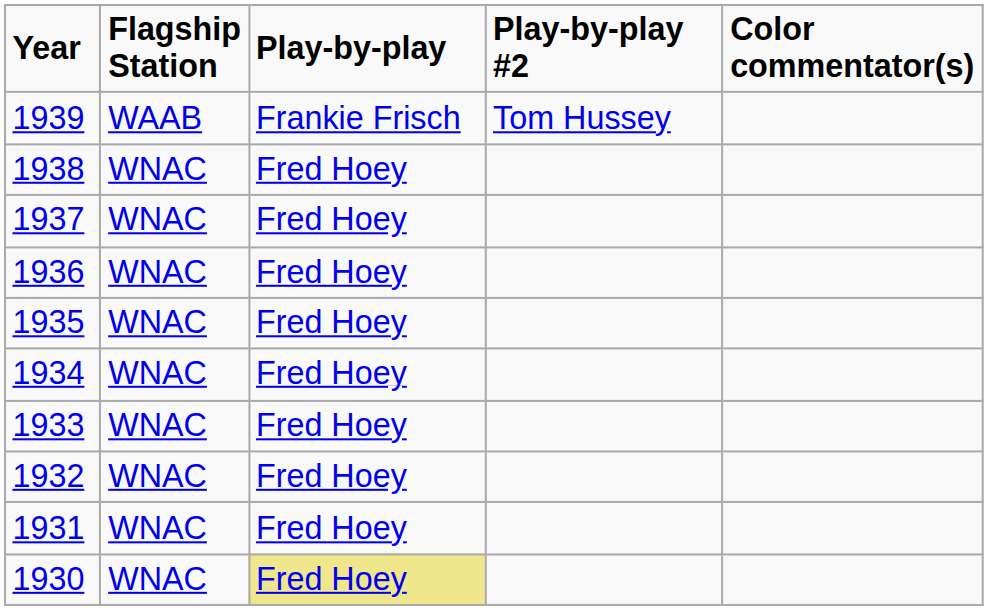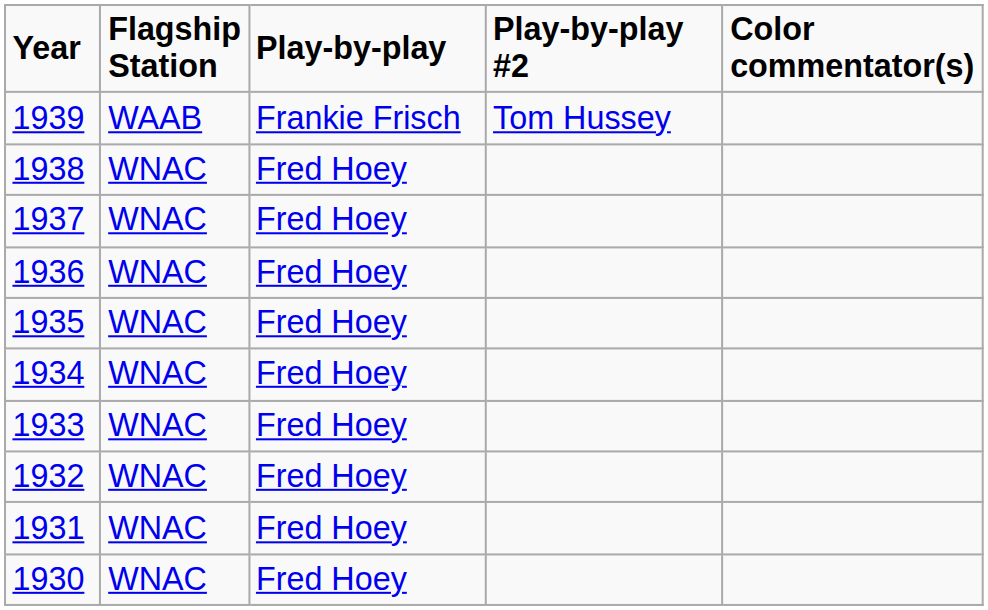 <table class="wikitable">
 <tr>
 <td width="40"><strong>Year</strong></td>
 <td width="40"><strong>Flagship Station</strong></td>
 <td width="110"><strong>Play-by-play</strong></td>
 <td width="110"><strong>Play-by-play #2</strong></td>
 <td width="110"><strong>Color commentator(s)</strong></td>
 </tr>
 <tr>
 <td><a href='#'>1939</a></td>
 <td><a href='#'>WAAB</a></td>
 <td><a href='#'>Frankie Frisch</a></td>
 <td><a href='#'>Tom Hussey</a></td>
 </tr>
 <tr>
 <td><a href='#'>1938</a></td>
 <td><a href='#'>WNAC</a></td>
 <td><a href='#'>Fred Hoey</a></td>
 <td></td>
 <td></td>
 </tr>
 <tr>
 <td><a href='#'>1937</a></td>
 <td><a href='#'>WNAC</a></td>
 <td><a href='#'>Fred Hoey</a></td>
 <td></td>
 <td></td>
 </tr>
 <tr>
 <td><a href='#'>1936</a></td>
 <td><a href='#'>WNAC</a></td>
 <td><a href='#'>Fred Hoey</a></td>
 <td></td>
 <td></td>
 </tr>
 <tr>
 <td><a href='#'>1935</a></td>
 <td><a href='#'>WNAC</a></td>
 <td><a href='#'>Fred Hoey</a></td>
 <td></td>
 <td></td>
 </tr>
 <tr>
 <td><a href='#'>1934</a></td>
 <td><a href='#'>WNAC</a></td>
 <td><a href='#'>Fred Hoey</a></td>
 <td></td>
 <td></td>
 </tr>
 <tr>
 <td><a href='#'>1933</a></td>
 <td><a href='#'>WNAC</a></td>
 <td><a href='#'>Fred Hoey</a></td>
 <td></td>
 <td></td>
 </tr>
 <tr>
 <td><a href='#'>1932</a></td>
 <td><a href='#'>WNAC</a></td>
 <td><a href='#'>Fred Hoey</a></td>
 <td></td>
 <td></td>
 </tr>
 <tr>
 <td><a href='#'>1931</a></td>
 <td><a href='#'>WNAC</a></td>
 <td><a href='#'>Fred Hoey</a></td>
 <td></td>
 <td></td>
 </tr>
 <tr>
 <td><a href='#'>1930</a></td>
 <td><a href='#'>WNAC</a></td>
-<td style="background: khaki;"><a href='#'>Fred Hoey</a></td>
+<td><a href='#'>Fred Hoey</a></td>
 <td></td>
 <td></td>
 </tr>
 </table>
